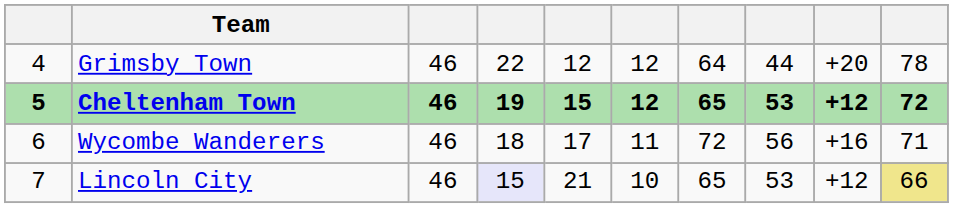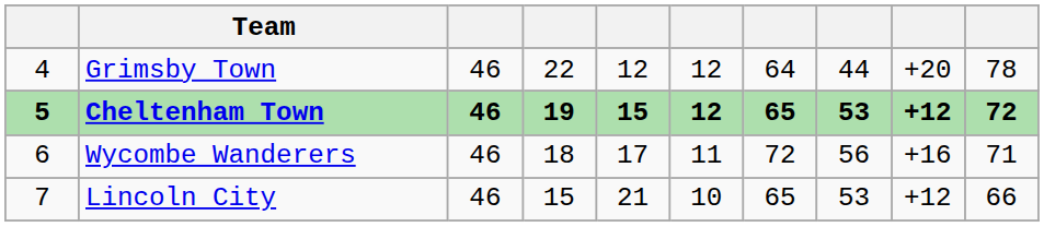 <table class="wikitable" style="text-align:center">
 <tr>
 <th width="30"></th>
 <th width="175">Team</th>
 <th width="30"></th>
 <th width="30"></th>
 <th width="30"></th>
 <th width="30"></th>
 <th width="30"></th>
 <th width="30"></th>
 <th width="30"></th>
 <th width="30"></th>
 </tr>
 <tr>
 <td>4</td>
 <td align=left><a href='#'>Grimsby Town</a></td>
 <td>46</td>
 <td>22</td>
 <td>12</td>
 <td>12</td>
 <td>64</td>
 <td>44</td>
 <td>+20</td>
 <td>78</td>
 </tr>
 <tr bgcolor=#ADDFAD>
 <td><strong>5</strong></td>
 <td align=left><strong><a href='#'>Cheltenham Town</a></strong></td>
 <td><strong>46</strong></td>
 <td><strong>19</strong></td>
 <td><strong>15</strong></td>
 <td><strong>12</strong></td>
 <td><strong>65</strong></td>
 <td><strong>53</strong></td>
 <td><strong>+12</strong></td>
 <td><strong>72</strong></td>
 </tr>
 <tr>
 <td>6</td>
 <td align=left><a href='#'>Wycombe Wanderers</a></td>
 <td>46</td>
 <td>18</td>
 <td>17</td>
 <td>11</td>
 <td>72</td>
 <td>56</td>
 <td>+16</td>
 <td>71</td>
 </tr>
 <tr>
 <td>7</td>
 <td align=left><a href='#'>Lincoln City</a></td>
 <td>46</td>
-<td style="background: lavender;">15</td>
+<td>15</td>
 <td>21</td>
 <td>10</td>
 <td>65</td>
 <td>53</td>
 <td>+12</td>
-<td style="background: khaki;">66</td>
+<td>66</td>
 </tr>
 </table>
